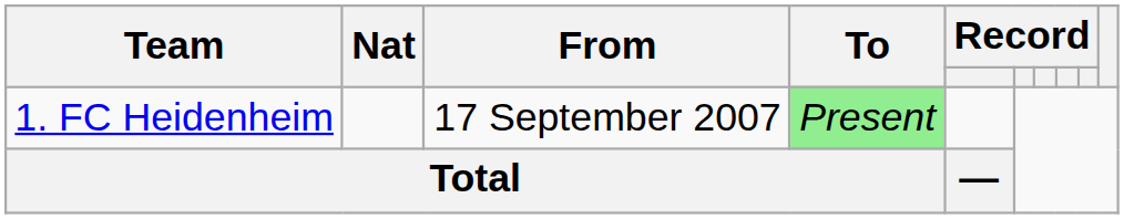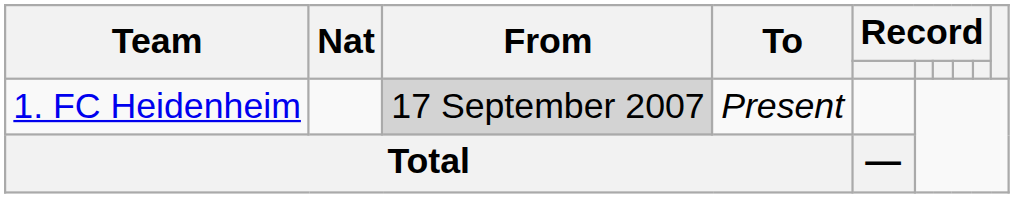 <table class="wikitable" style="text-align: center">
 <tr>
 <th rowspan="2">Team</th>
 <th rowspan="2">Nat</th>
 <th rowspan="2">From</th>
 <th rowspan="2">To</th>
 <th colspan="5">Record</th>
 <th rowspan=2></th>
 </tr>
 <tr>
 <th></th>
 <th></th>
 <th></th>
 <th></th>
 <th></th>
 </tr>
 <tr>
 <td align=left><a href='#'>1. FC Heidenheim</a></td>
 <td></td>
-<td align=left>17 September 2007</td>
-<td align=left style="background: lightgreen;"><em>Present</em><br></td>
+<td align=left style="background: lightgrey;">17 September 2007</td>
+<td align=left><em>Present</em><br></td>
 <td></td>
 </tr>
 <tr>
 <th colspan="4">Total<br></th>
 <th>—</th>
 </tr>
 </table>
